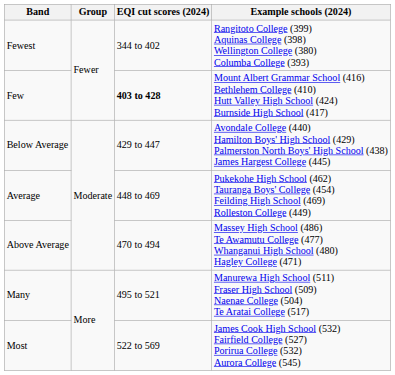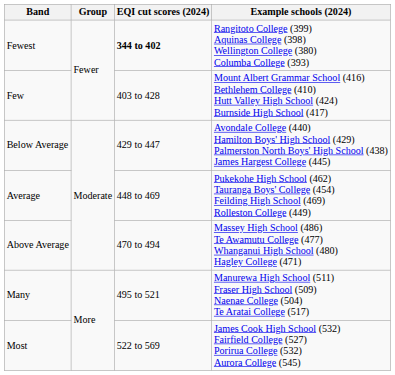 <table class="wikitable">
 <tr>
 <th>Band</th>
 <th>Group</th>
 <th>EQI cut scores (2024)</th>
 <th>Example schools (2024)</th>
 </tr>
 <tr>
 <td>Fewest</td>
 <td rowspan="2">Fewer</td>
-<td>344 to 402</td>
+<td><strong>344 to 402</strong></td>
 <td><a href='#'>Rangitoto College</a> (399) <br> <a href='#'>Aquinas College</a> (398) <br> <a href='#'>Wellington College</a> (380) <br> <a href='#'>Columba College</a> (393)</td>
 </tr>
 <tr>
 <td>Few</td>
-<td><strong>403 to 428</strong></td>
+<td>403 to 428</td>
 <td><a href='#'>Mount Albert Grammar School</a> (416) <br> <a href='#'>Bethlehem College</a> (410) <br> <a href='#'>Hutt Valley High School</a> (424) <br> <a href='#'>Burnside High School</a> (417)</td>
 </tr>
 <tr>
 <td>Below Average</td>
 <td rowspan="3">Moderate</td>
 <td>429 to 447</td>
 <td><a href='#'>Avondale College</a> (440) <br> <a href='#'>Hamilton Boys' High School</a> (429) <br> <a href='#'>Palmerston North Boys' High School</a> (438) <br> <a href='#'>James Hargest College</a> (445)</td>
 </tr>
 <tr>
 <td>Average</td>
 <td>448 to 469</td>
 <td><a href='#'>Pukekohe High School</a> (462) <br> <a href='#'>Tauranga Boys' College</a> (454) <br> <a href='#'>Feilding High School</a> (469) <br> <a href='#'>Rolleston College</a> (449)</td>
 </tr>
 <tr>
 <td>Above Average</td>
 <td>470 to 494</td>
 <td><a href='#'>Massey High School</a> (486) <br> <a href='#'>Te Awamutu College</a> (477) <br> <a href='#'>Whanganui High School</a> (480) <br> <a href='#'>Hagley College</a> (471)</td>
 </tr>
 <tr>
 <td>Many</td>
 <td rowspan="2">More</td>
 <td>495 to 521</td>
 <td><a href='#'>Manurewa High School</a> (511) <br> <a href='#'>Fraser High School</a> (509) <br> <a href='#'>Naenae College</a> (504) <br>  <a href='#'>Te Aratai College</a> (517)</td>
 </tr>
 <tr>
 <td>Most</td>
 <td>522 to 569</td>
 <td><a href='#'>James Cook High School</a> (532) <br> <a href='#'>Fairfield College</a> (527) <br> <a href='#'>Porirua College</a> (532) <br> <a href='#'>Aurora College</a> (545)</td>
 </tr>
 </table>
